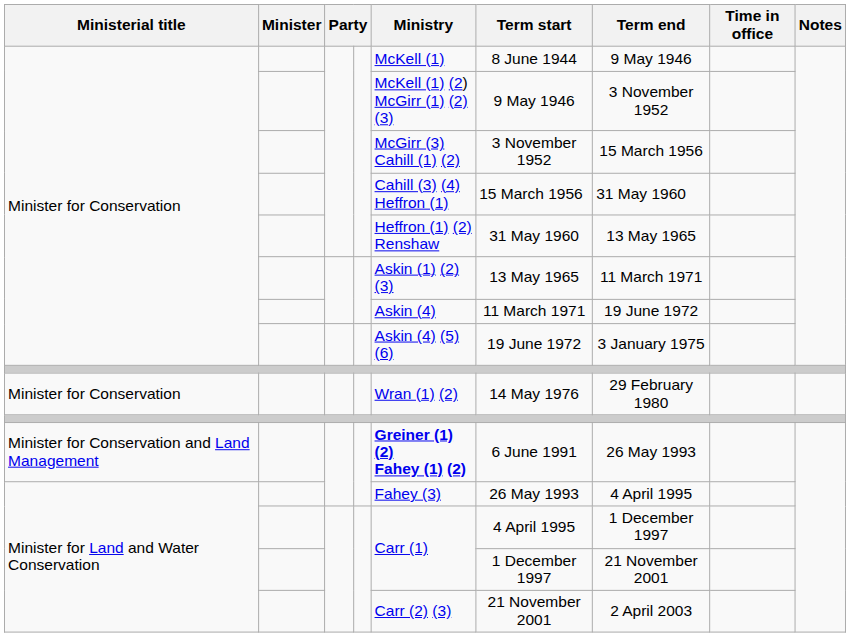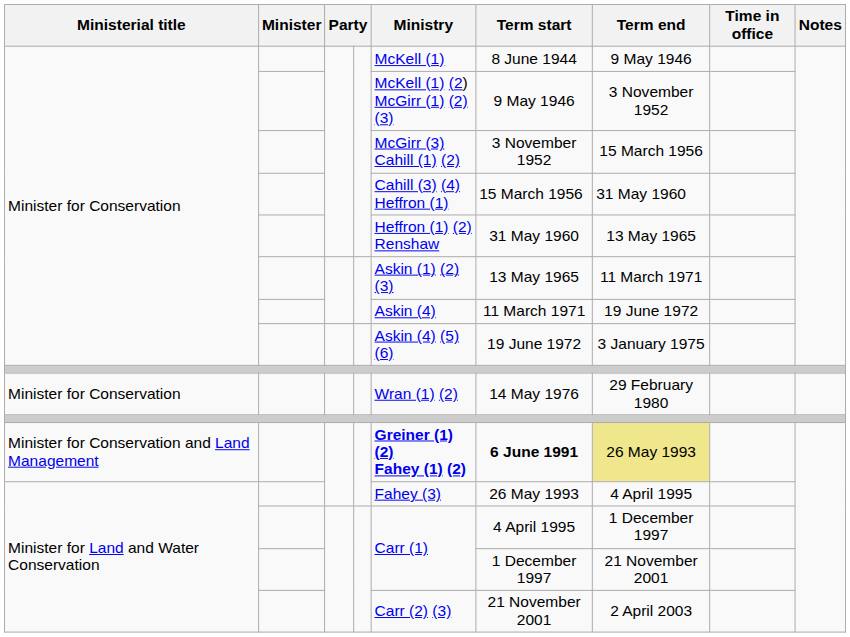 <table class="wikitable sortable">
 <tr>
 <th>Ministerial title</th>
 <th>Minister</th>
 <th colspan=2>Party</th>
 <th>Ministry</th>
 <th>Term start</th>
 <th>Term end</th>
 <th>Time in office</th>
 <th class="unsortable">Notes</th>
 </tr>
 <tr>
 <td rowspan=8>Minister for Conservation</td>
 <td></td>
 <td rowspan=5 > </td>
 <td rowspan=5></td>
 <td><a href='#'>McKell (1)</a></td>
 <td align=center>8 June 1944</td>
 <td align=center>9 May 1946</td>
 <td align=right></td>
 </tr>
 <tr>
 <td></td>
 <td><a href='#'>McKell (1)</a> <a href='#'>(2</a>)<br><a href='#'>McGirr (1)</a> <a href='#'>(2)</a> <a href='#'>(3)</a></td>
 <td align=center>9 May 1946</td>
 <td align=center>3 November 1952</td>
 <td align=right><strong></strong></td>
 </tr>
 <tr>
 <td></td>
 <td><a href='#'>McGirr (3)</a><br><a href='#'>Cahill (1)</a> <a href='#'>(2)</a></td>
 <td align=center>3 November 1952</td>
 <td align=center>15 March 1956</td>
 <td align=right></td>
 </tr>
 <tr>
 <td></td>
 <td><a href='#'>Cahill (3)</a> <a href='#'>(4)</a><br><a href='#'>Heffron (1)</a></td>
 <td>15 March 1956</td>
 <td>31 May 1960</td>
 <td align=right></td>
 </tr>
 <tr>
 <td></td>
 <td><a href='#'>Heffron (1)</a> <a href='#'>(2)</a><br><a href='#'>Renshaw</a></td>
 <td align=center>31 May 1960</td>
 <td align=center>13 May 1965</td>
 <td align=right></td>
 </tr>
 <tr>
 <td></td>
 <td rowspan=2 > </td>
 <td rowspan=2></td>
 <td><a href='#'>Askin (1)</a> <a href='#'>(2)</a> <a href='#'>(3)</a></td>
 <td align=center>13 May 1965</td>
 <td align=center>11 March 1971</td>
 <td align=right></td>
 </tr>
 <tr>
 <td></td>
 <td><a href='#'>Askin (4)</a></td>
 <td align=center>11 March 1971</td>
 <td align=center>19 June 1972</td>
 <td align=right></td>
 </tr>
 <tr>
 <td></td>
 <td> </td>
 <td></td>
 <td><a href='#'>Askin (4)</a> <a href='#'>(5)</a> <a href='#'>(6)</a></td>
 <td align=center>19 June 1972</td>
 <td align=center>3 January 1975</td>
 <td align=right></td>
 </tr>
 <tr>
 <th colspan="10" style="background: #cccccc;"></th>
 </tr>
 <tr>
 <td>Minister for Conservation</td>
 <td></td>
 <td> </td>
 <td></td>
 <td><a href='#'>Wran (1)</a> <a href='#'>(2)</a></td>
 <td align=center>14 May 1976</td>
 <td align=center>29 February 1980</td>
 <td align=right></td>
 </tr>
 <tr>
 <th colspan="10" style="background: #cccccc;"></th>
 </tr>
 <tr>
 <td>Minister for Conservation and <a href='#'>Land Management</a></td>
 <td></td>
 <td rowspan=2 > </td>
 <td rowspan=2></td>
 <td><strong><a href='#'>Greiner (1)</a> <a href='#'>(2)</a><br><a href='#'>Fahey (1)</a> <a href='#'>(2)</a></strong></td>
-<td align=center>6 June 1991</td>
-<td align=center>26 May 1993</td>
+<td align=center><strong>6 June 1991</strong></td>
+<td align=center style="background: khaki;">26 May 1993</td>
 <td align=right></td>
 </tr>
 <tr>
 <td rowspan=4>Minister for <a href='#'>Land</a> and Water Conservation</td>
 <td></td>
 <td><a href='#'>Fahey (3)</a></td>
 <td align=center>26 May 1993</td>
 <td align=center>4 April 1995</td>
 <td align=right></td>
 </tr>
 <tr>
 <td></td>
 <td rowspan=3 > </td>
 <td rowspan=3></td>
 <td rowspan=2><a href='#'>Carr (1)</a></td>
 <td align=center>4 April 1995</td>
 <td align=center>1 December 1997</td>
 <td align=right></td>
 </tr>
 <tr>
 <td></td>
 <td align=center>1 December 1997</td>
 <td align=center>21 November 2001</td>
 <td align=right></td>
 </tr>
 <tr>
 <td></td>
 <td><a href='#'>Carr (2)</a> <a href='#'>(3)</a></td>
 <td align=center>21 November 2001</td>
 <td align=center>2 April 2003</td>
 <td align=right></td>
 </tr>
 </table>
